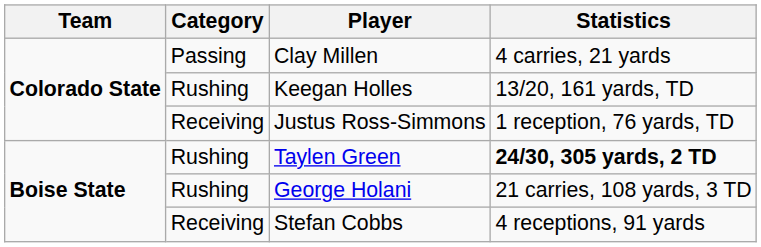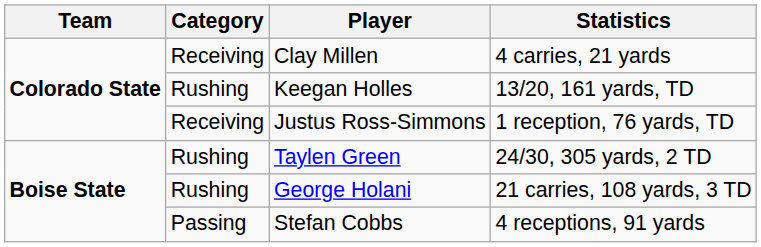 <table class="wikitable" style="float: left;">
 <tr>
 <th>Team</th>
 <th>Category</th>
 <th>Player</th>
 <th>Statistics</th>
 </tr>
 <tr>
 <td rowspan=3><strong>Colorado State</strong></td>
-<td>Passing</td>
+<td>Receiving</td>
 <td>Clay Millen</td>
 <td>4 carries, 21 yards</td>
 </tr>
 <tr>
 <td>Rushing</td>
 <td>Keegan Holles</td>
 <td>13/20, 161 yards, TD</td>
 </tr>
 <tr>
 <td>Receiving</td>
 <td>Justus Ross-Simmons</td>
 <td>1 reception, 76 yards, TD</td>
 </tr>
 <tr>
 <td rowspan=3><strong>Boise State</strong></td>
 <td>Rushing</td>
 <td><a href='#'>Taylen Green</a></td>
-<td><strong>24/30, 305 yards, 2 TD</strong></td>
+<td>24/30, 305 yards, 2 TD</td>
 </tr>
 <tr>
 <td>Rushing</td>
 <td><a href='#'>George Holani</a></td>
 <td>21 carries, 108 yards, 3 TD</td>
 </tr>
 <tr>
-<td>Receiving</td>
+<td>Passing</td>
 <td>Stefan Cobbs</td>
 <td>4 receptions, 91 yards</td>
 </tr>
 </table>
